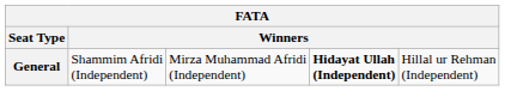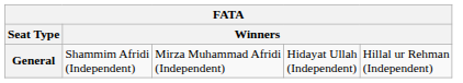 <table class="wikitable">
 <tr>
 <th colspan="5">FATA</th>
 </tr>
 <tr>
 <th>Seat Type</th>
 <th colspan="4">Winners</th>
 </tr>
 <tr>
 <th>General</th>
 <td style="background:">Shammim Afridi<br>(Independent)</td>
 <td style="background:">Mirza Muhammad Afridi<br>(Independent)</td>
-<td style="background:"><strong>Hidayat Ullah<br>(Independent)</strong></td>
+<td style="background:">Hidayat Ullah<br>(Independent)</td>
 <td style="background:">Hillal ur Rehman<br>(Independent)</td>
 </tr>
 </table>
